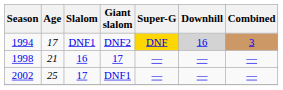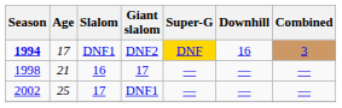 <table class=wikitable style="text-align:center">
 <tr>
 <th>Season</th>
 <th>Age</th>
 <th>Slalom</th>
 <th>Giant<br>slalom</th>
 <th>Super-G</th>
 <th>Downhill</th>
 <th>Combined</th>
 </tr>
 <tr>
-<td><a href='#'>1994</a></td>
+<td><strong><a href='#'>1994</a></strong></td>
 <td><em>17</em></td>
 <td><a href='#'>DNF1</a></td>
 <td><a href='#'>DNF2</a></td>
 <td style="background: gold;"><a href='#'>DNF</a></td>
-<td style="background: lightgrey;"><a href='#'>16</a></td>
+<td><a href='#'>16</a></td>
 <td style="background:#c96;"><a href='#'>3</a></td>
 </tr>
 <tr>
 <td><a href='#'>1998</a></td>
 <td><em>21</em></td>
 <td><a href='#'>16</a></td>
 <td><a href='#'>17</a></td>
 <td><a href='#'>—</a></td>
 <td><a href='#'>—</a></td>
 <td><a href='#'>—</a></td>
 </tr>
 <tr>
 <td><a href='#'>2002</a></td>
 <td><em>25</em></td>
 <td><a href='#'>17</a></td>
 <td><a href='#'>DNF1</a></td>
 <td><a href='#'>—</a></td>
 <td><a href='#'>—</a></td>
 <td><a href='#'>—</a></td>
 </tr>
 <tr>
 </tr>
 </table>
